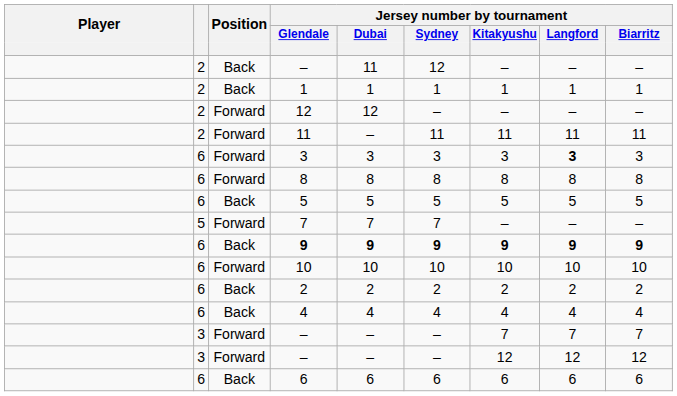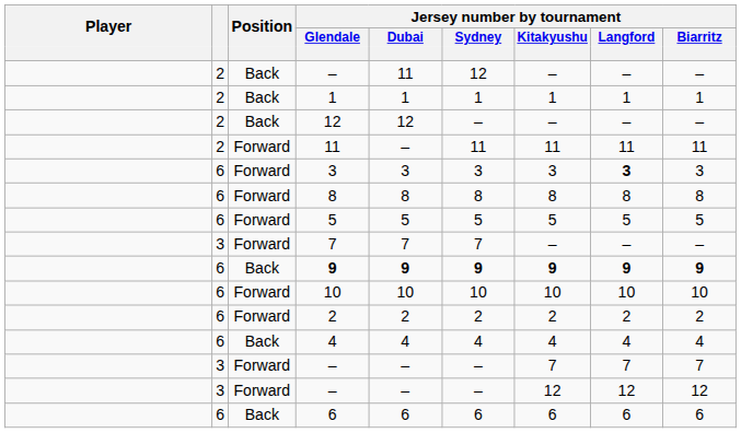 <table class="wikitable sortable" style="text-align:center;">
 <tr>
 <th rowspan=2 style="border-bottom:0px; width:13em;">Player</th>
 <th rowspan=2 style="border-bottom:0px;"></th>
 <th rowspan=2 style="border-bottom:0px;">Position</th>
 <th colspan=6 style="font-size:95%;">Jersey number by tournament</th>
 </tr>
 <tr>
 <th style="vertical-align:top; width:5.2em; border-bottom:0; padding:2px; font-size:85%;"><a href='#'>Glendale</a></th>
 <th style="vertical-align:top; width:5.2em; border-bottom:0; padding:2px; font-size:85%;"><a href='#'>Dubai</a></th>
 <th style="vertical-align:top; width:5.2em; border-bottom:0; padding:2px; font-size:85%;"><a href='#'>Sydney</a></th>
 <th style="vertical-align:top; width:5.2em; border-bottom:0; padding:2px; font-size:85%;"><a href='#'>Kitakyushu</a></th>
 <th style="vertical-align:top; width:5.2em; border-bottom:0; padding:2px; font-size:85%;"><a href='#'>Langford</a></th>
 <th style="vertical-align:top; width:5.2em; border-bottom:0; padding:2px; font-size:85%;"><a href='#'>Biarritz</a></th>
 </tr>
 <tr style="line-height:8px;">
 <th style="border-top:0;"> </th>
 <th style="border-top:0;"></th>
 <th style="border-top:0;"></th>
 <th data-sort-type="number" style="border-top:0;"></th>
 <th data-sort-type="number" style="border-top:0;"></th>
 <th data-sort-type="number" style="border-top:0;"></th>
 <th data-sort-type="number" style="border-top:0;"></th>
 <th data-sort-type="number" style="border-top:0;"></th>
 <th data-sort-type="number" style="border-top:0;"></th>
 </tr>
 <tr>
 <td align=left></td>
 <td>2</td>
 <td>Back</td>
 <td>–</td>
 <td>11</td>
 <td>12</td>
 <td>–</td>
 <td>–</td>
 <td>–</td>
 </tr>
 <tr>
 <td align=left></td>
 <td>2</td>
 <td>Back</td>
 <td>1</td>
 <td>1</td>
 <td>1</td>
 <td>1</td>
 <td>1</td>
 <td>1</td>
 </tr>
 <tr>
 <td align=left></td>
 <td>2</td>
-<td>Forward</td>
+<td>Back</td>
 <td>12</td>
 <td>12</td>
 <td>–</td>
 <td>–</td>
 <td>–</td>
 <td>–</td>
 </tr>
 <tr>
 <td align=left></td>
 <td>2</td>
 <td>Forward</td>
 <td>11</td>
 <td>–</td>
 <td>11</td>
 <td>11</td>
 <td>11</td>
 <td>11</td>
 </tr>
 <tr>
 <td align=left></td>
 <td>6</td>
 <td>Forward</td>
 <td>3</td>
 <td>3</td>
 <td>3</td>
 <td>3</td>
 <td><strong>3</strong></td>
 <td>3</td>
 </tr>
 <tr>
 <td align=left></td>
 <td>6</td>
 <td>Forward</td>
 <td>8</td>
 <td>8</td>
 <td>8</td>
 <td>8</td>
 <td>8</td>
 <td>8</td>
 </tr>
 <tr>
 <td align=left></td>
 <td>6</td>
-<td>Back</td>
+<td>Forward</td>
 <td>5</td>
 <td>5</td>
 <td>5</td>
 <td>5</td>
 <td>5</td>
 <td>5</td>
 </tr>
 <tr>
 <td align=left></td>
-<td>5</td>
+<td>3</td>
 <td>Forward</td>
 <td>7</td>
 <td>7</td>
 <td>7</td>
 <td>–</td>
 <td>–</td>
 <td>–</td>
 </tr>
 <tr>
 <td align=left></td>
 <td>6</td>
 <td>Back</td>
 <td><strong>9</strong></td>
 <td><strong>9</strong></td>
 <td><strong>9</strong></td>
 <td><strong>9</strong></td>
 <td><strong>9</strong></td>
 <td><strong>9</strong></td>
 </tr>
 <tr>
 <td align=left></td>
 <td>6</td>
 <td>Forward</td>
 <td>10</td>
 <td>10</td>
 <td>10</td>
 <td>10</td>
 <td>10</td>
 <td>10</td>
 </tr>
 <tr>
 <td align=left></td>
 <td>6</td>
-<td>Back</td>
+<td>Forward</td>
 <td>2</td>
 <td>2</td>
 <td>2</td>
 <td>2</td>
 <td>2</td>
 <td>2</td>
 </tr>
 <tr>
 <td align=left></td>
 <td>6</td>
 <td>Back</td>
 <td>4</td>
 <td>4</td>
 <td>4</td>
 <td>4</td>
 <td>4</td>
 <td>4</td>
 </tr>
 <tr>
 <td align=left></td>
 <td>3</td>
 <td>Forward</td>
 <td>–</td>
 <td>–</td>
 <td>–</td>
 <td>7</td>
 <td>7</td>
 <td>7</td>
 </tr>
 <tr>
 <td align=left></td>
 <td>3</td>
 <td>Forward</td>
 <td>–</td>
 <td>–</td>
 <td>–</td>
 <td>12</td>
 <td>12</td>
 <td>12</td>
 </tr>
 <tr>
 <td align=left></td>
 <td>6</td>
 <td>Back</td>
 <td>6</td>
 <td>6</td>
 <td>6</td>
 <td>6</td>
 <td>6</td>
 <td>6</td>
 </tr>
 </table>
